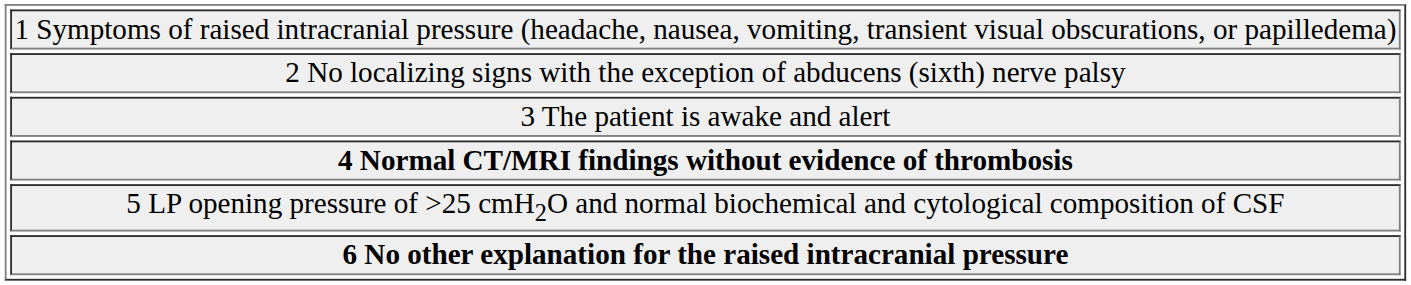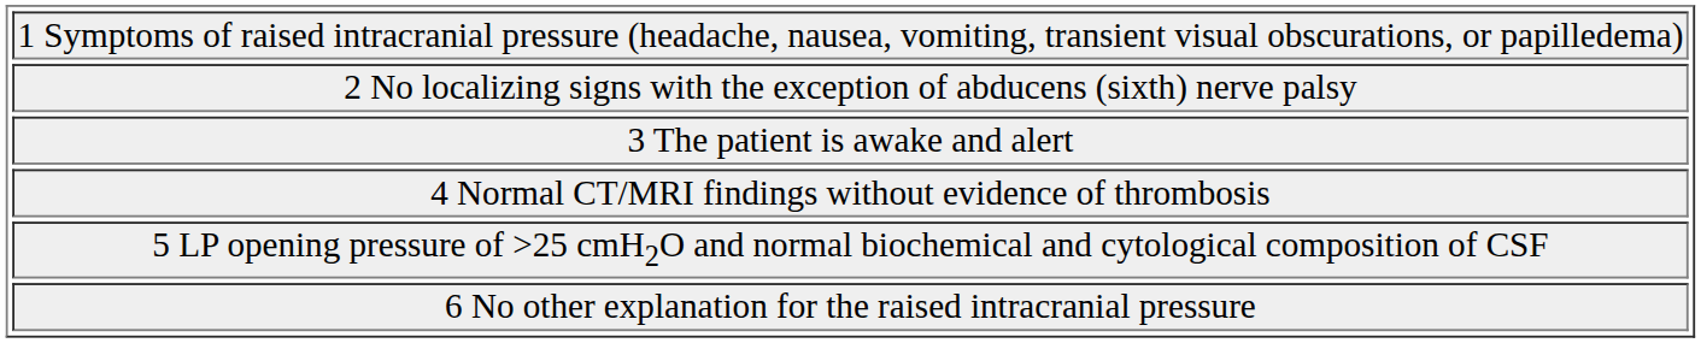 <table border="1" align="center" style="text-align: center; background: #FFFFFF;">
 <tr bgcolor="#EFEFEF">
 <td>1	Symptoms of raised intracranial pressure (headache, nausea, vomiting, transient visual obscurations, or papilledema)</td>
 </tr>
 <tr bgcolor="#EFEFEF">
 <td>2	No localizing signs with the exception of abducens (sixth) nerve palsy</td>
 </tr>
 <tr bgcolor="#EFEFEF">
 <td>3	The patient is awake and alert</td>
 </tr>
 <tr bgcolor="#EFEFEF">
-<td><strong>4	Normal CT/MRI findings without evidence of thrombosis</strong></td>
+<td>4	Normal CT/MRI findings without evidence of thrombosis</td>
 </tr>
 <tr bgcolor="#EFEFEF">
 <td>5	LP opening pressure of >25 cmH<sub>2</sub>O and normal biochemical and cytological composition of CSF</td>
 </tr>
 <tr bgcolor="#EFEFEF">
-<td><strong>6	No other explanation for the raised intracranial pressure</strong></td>
+<td>6	No other explanation for the raised intracranial pressure</td>
 </tr>
 </table>
